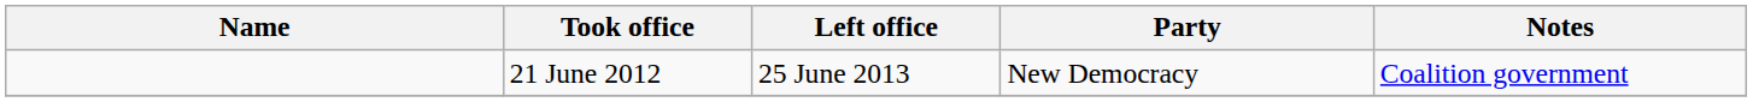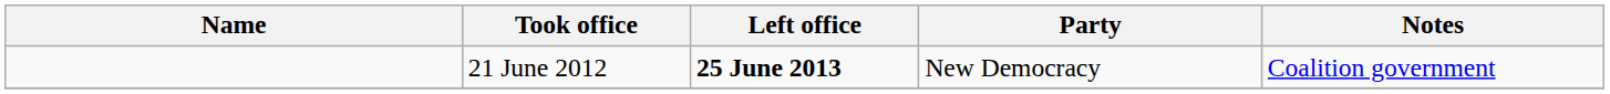 <table class="wikitable">
 <tr>
 <th width="20%">Name</th>
 <th width="10%">Took office</th>
 <th width="10%">Left office</th>
 <th width="15%">Party</th>
 <th width="15%">Notes</th>
 </tr>
 <tr>
 <td></td>
 <td>21 June 2012</td>
-<td>25 June 2013</td>
+<td><strong>25 June 2013</strong></td>
 <td>New Democracy</td>
 <td><a href='#'>Coalition government</a></td>
 </tr>
 <tr>
 </tr>
 </table>
